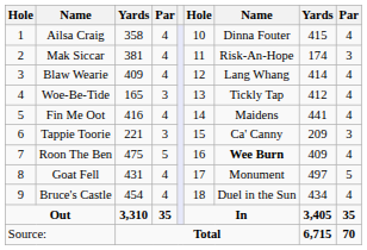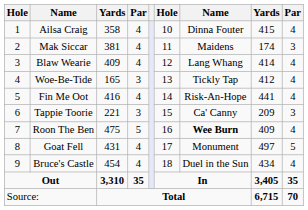 <table class="wikitable" style="text-align:center; font-size:100%;">
 <tr>
 <th>Hole</th>
 <th>Name</th>
 <th>Yards</th>
 <th>Par</th>
 <th></th>
 <th>Hole</th>
 <th>Name</th>
 <th>Yards</th>
 <th>Par</th>
 </tr>
 <tr>
 <td>1</td>
 <td>Ailsa Craig</td>
 <td>358</td>
 <td>4</td>
 <td rowspan=10 style="background:#E6E8FA;"></td>
 <td>10</td>
 <td>Dinna Fouter</td>
 <td>415</td>
 <td>4</td>
 </tr>
 <tr>
 <td>2</td>
 <td>Mak Siccar</td>
 <td>381</td>
 <td>4</td>
 <td>11</td>
-<td>Risk-An-Hope</td>
+<td>Maidens</td>
 <td>174</td>
 <td>3</td>
 </tr>
 <tr>
 <td>3</td>
 <td>Blaw Wearie</td>
 <td>409</td>
 <td>4</td>
 <td>12</td>
 <td>Lang Whang</td>
 <td>414</td>
 <td>4</td>
 </tr>
 <tr>
 <td>4</td>
 <td>Woe-Be-Tide</td>
 <td>165</td>
 <td>3</td>
 <td>13</td>
 <td>Tickly Tap</td>
 <td>412</td>
 <td>4</td>
 </tr>
 <tr>
 <td>5</td>
 <td>Fin Me Oot</td>
 <td>416</td>
 <td>4</td>
 <td>14</td>
-<td>Maidens</td>
+<td>Risk-An-Hope</td>
 <td>441</td>
 <td>4</td>
 </tr>
 <tr>
 <td>6</td>
 <td>Tappie Toorie</td>
 <td>221</td>
 <td>3</td>
 <td>15</td>
 <td>Ca' Canny</td>
 <td>209</td>
 <td>3</td>
 </tr>
 <tr>
 <td>7</td>
 <td>Roon The Ben</td>
 <td>475</td>
 <td>5</td>
 <td>16</td>
 <td><strong>Wee Burn</strong></td>
 <td>409</td>
 <td>4</td>
 </tr>
 <tr>
 <td>8</td>
 <td>Goat Fell</td>
 <td>431</td>
 <td>4</td>
 <td>17</td>
 <td>Monument</td>
 <td>497</td>
 <td>5</td>
 </tr>
 <tr>
 <td>9</td>
 <td>Bruce's Castle</td>
 <td>454</td>
 <td>4</td>
 <td>18</td>
 <td>Duel in the Sun</td>
 <td>434</td>
 <td>4</td>
 </tr>
 <tr>
 <td colspan=2><strong>Out</strong></td>
 <td><strong>3,310</strong></td>
 <td><strong>35</strong></td>
 <td colspan=2><strong>In</strong></td>
 <td><strong>3,405</strong></td>
 <td><strong>35</strong></td>
 </tr>
 <tr>
 <td colspan=2 align=left>Source:</td>
 <td colspan=5><strong>Total</strong></td>
 <td><strong>6,715</strong></td>
 <td><strong>70</strong></td>
 </tr>
 </table>
